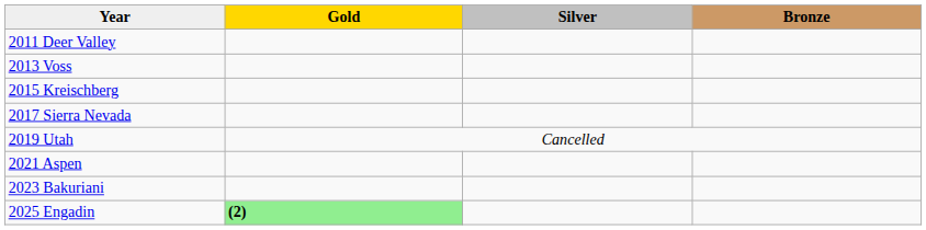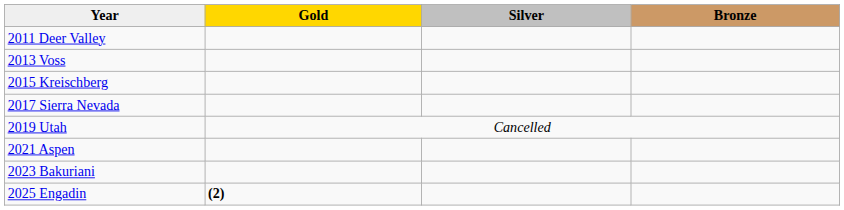 <table class="wikitable sortable" style="width:950px;">
 <tr>
 <th style="width:24%; background:#efefef;">Year</th>
 <th style="width:26%; background:gold">Gold</th>
 <th style="width:25%; background:silver">Silver</th>
 <th style="width:25%; background:#CC9966">Bronze</th>
 </tr>
 <tr>
 <td><a href='#'>2011 Deer Valley</a></td>
 <td></td>
 <td></td>
 <td></td>
 </tr>
 <tr>
 <td><a href='#'>2013 Voss</a></td>
 <td></td>
 <td></td>
 <td></td>
 </tr>
 <tr>
 <td><a href='#'>2015 Kreischberg</a></td>
 <td></td>
 <td></td>
 <td></td>
 </tr>
 <tr>
 <td><a href='#'>2017 Sierra Nevada</a></td>
 <td></td>
 <td></td>
 <td></td>
 </tr>
 <tr>
 <td><a href='#'>2019 Utah</a></td>
 <td colspan=3 align=center><em>Cancelled</em> </td>
 </tr>
 <tr>
 <td><a href='#'>2021 Aspen</a></td>
 <td></td>
 <td></td>
 <td></td>
 </tr>
 <tr>
 <td><a href='#'>2023 Bakuriani</a></td>
 <td></td>
 <td></td>
 <td></td>
 </tr>
 <tr>
 <td><a href='#'>2025 Engadin</a></td>
-<td style="background: lightgreen;"> <strong>(2)</strong></td>
+<td> <strong>(2)</strong></td>
 <td></td>
 <td></td>
 </tr>
 </table>
